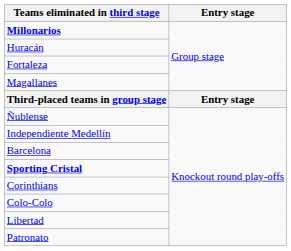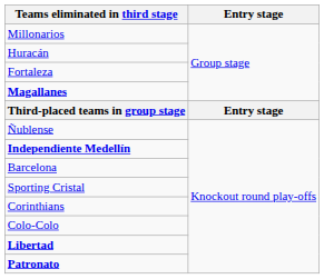 <table class="wikitable">
 <tr>
 <th>Teams eliminated in <a href='#'>third stage</a></th>
 <th>Entry stage</th>
 </tr>
 <tr>
-<td><strong> <a href='#'>Millonarios</a></strong></td>
+<td> <a href='#'>Millonarios</a></td>
 <td rowspan=4><a href='#'>Group stage</a></td>
 </tr>
 <tr>
 <td> <a href='#'>Huracán</a></td>
 </tr>
 <tr>
 <td> <a href='#'>Fortaleza</a></td>
 </tr>
 <tr>
-<td> <a href='#'>Magallanes</a></td>
+<td><strong> <a href='#'>Magallanes</a></strong></td>
 </tr>
 <tr>
 <th>Third-placed teams in <a href='#'>group stage</a></th>
 <th>Entry stage</th>
 </tr>
 <tr>
 <td> <a href='#'>Ñublense</a></td>
 <td rowspan=8><a href='#'>Knockout round play-offs</a></td>
 </tr>
 <tr>
-<td> <a href='#'>Independiente Medellín</a></td>
+<td><strong> <a href='#'>Independiente Medellín</a></strong></td>
 </tr>
 <tr>
 <td> <a href='#'>Barcelona</a></td>
 </tr>
 <tr>
-<td><strong> <a href='#'>Sporting Cristal</a></strong></td>
+<td> <a href='#'>Sporting Cristal</a></td>
 </tr>
 <tr>
 <td> <a href='#'>Corinthians</a></td>
 </tr>
 <tr>
 <td> <a href='#'>Colo-Colo</a></td>
 </tr>
 <tr>
-<td> <a href='#'>Libertad</a></td>
+<td><strong> <a href='#'>Libertad</a></strong></td>
 </tr>
 <tr>
-<td> <a href='#'>Patronato</a></td>
+<td><strong> <a href='#'>Patronato</a></strong></td>
 </tr>
 </table>
